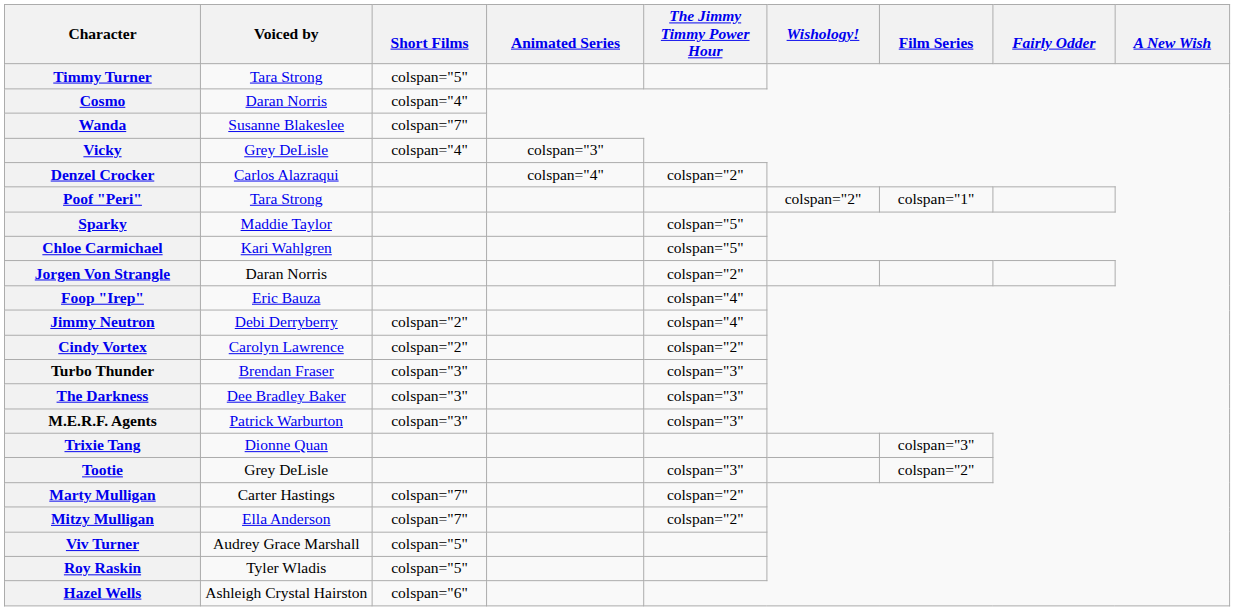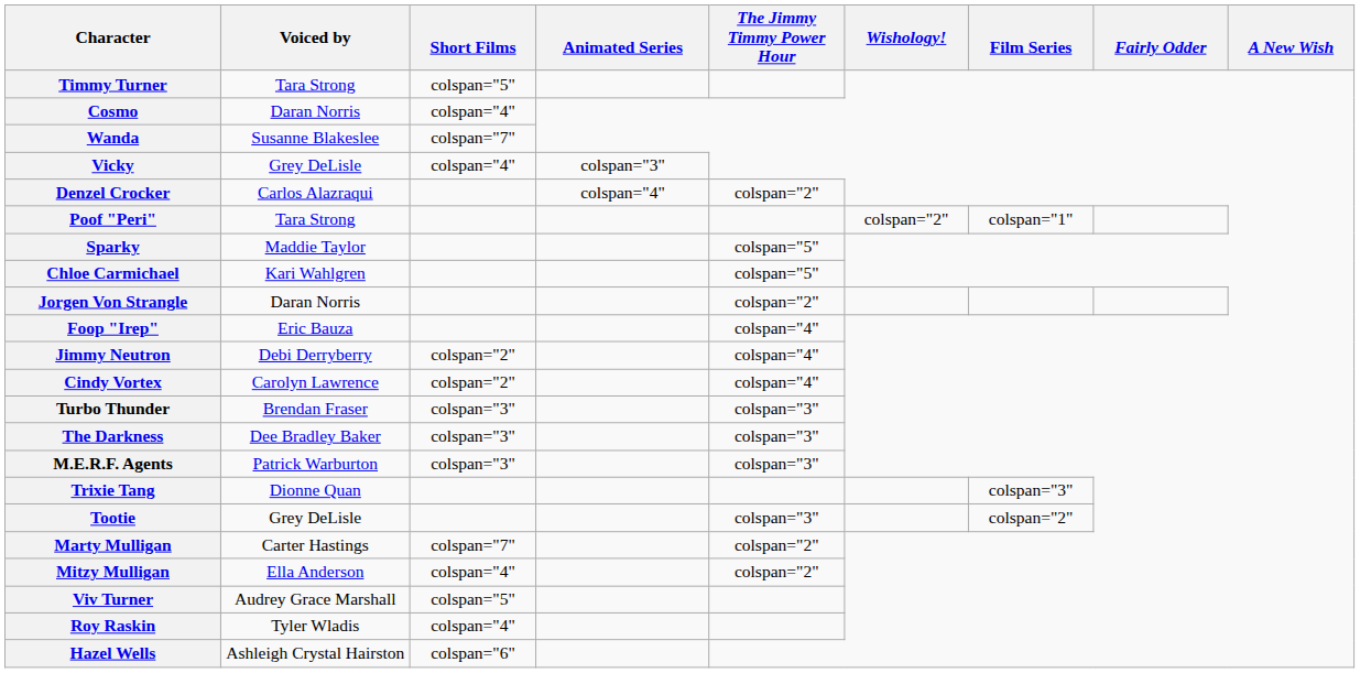 <table class="wikitable plainrowheaders" style="text-align:center; width:100%;">
 <tr>
 <th scope="col" style="width:16%;">Character</th>
 <th scope="col" style="width:14%;">Voiced by</th>
 <th scope="col"><a href='#'><br>Short Films</a></th>
 <th scope="col"><a href='#'><br>Animated Series</a></th>
 <th scope="col" style="width:10%;"><em><a href='#'>The Jimmy Timmy Power Hour</a></em></th>
 <th scope="col"><em><a href='#'>Wishology!</a></em></th>
 <th scope="col"><a href='#'><br>Film Series</a></th>
 <th scope="col" style="width:10%;"><a href='#'><em><br>Fairly Odder</em></a></th>
 <th scope="col"><a href='#'><em><br>A New Wish</em></a></th>
 </tr>
 <tr>
 <th><a href='#'>Timmy Turner</a></th>
 <td><a href='#'>Tara Strong</a></td>
 <td>colspan="5" </td>
 <td></td>
 <td></td>
 </tr>
 <tr>
 <th><a href='#'>Cosmo</a></th>
 <td><a href='#'>Daran Norris</a></td>
 <td>colspan="4" </td>
 </tr>
 <tr>
 <th><a href='#'>Wanda</a></th>
 <td><a href='#'>Susanne Blakeslee</a></td>
 <td>colspan="7" </td>
 </tr>
 <tr>
 <th><a href='#'>Vicky</a></th>
 <td><a href='#'>Grey DeLisle</a></td>
 <td>colspan="4" </td>
 <td>colspan="3" </td>
 </tr>
 <tr>
 <th><a href='#'>Denzel Crocker</a></th>
 <td><a href='#'>Carlos Alazraqui</a></td>
 <td></td>
 <td>colspan="4" </td>
 <td>colspan="2" </td>
 </tr>
 <tr>
 <th><a href='#'>Poof "Peri"</a></th>
 <td><a href='#'>Tara Strong</a></td>
 <td></td>
 <td></td>
 <td></td>
 <td>colspan="2" </td>
 <td>colspan="1" </td>
 <td></td>
 </tr>
 <tr>
 <th><a href='#'>Sparky</a></th>
 <td><a href='#'>Maddie Taylor</a></td>
 <td></td>
 <td></td>
 <td>colspan="5" </td>
 </tr>
 <tr>
 <th><a href='#'>Chloe Carmichael</a></th>
 <td><a href='#'>Kari Wahlgren</a></td>
 <td></td>
 <td></td>
 <td>colspan="5" </td>
 </tr>
 <tr>
 <th><a href='#'>Jorgen Von Strangle</a></th>
 <td>Daran Norris</td>
 <td></td>
 <td></td>
 <td>colspan="2" </td>
 <td></td>
 <td></td>
 <td></td>
 </tr>
 <tr>
 <th><a href='#'>Foop "Irep"</a></th>
 <td><a href='#'>Eric Bauza</a></td>
 <td></td>
 <td></td>
 <td>colspan="4" </td>
 </tr>
 <tr>
 <th><a href='#'>Jimmy Neutron</a></th>
 <td><a href='#'>Debi Derryberry</a></td>
 <td>colspan="2" </td>
 <td></td>
 <td>colspan="4" </td>
 </tr>
 <tr>
 <th><a href='#'>Cindy Vortex</a></th>
 <td><a href='#'>Carolyn Lawrence</a></td>
 <td>colspan="2" </td>
 <td></td>
-<td>colspan="2" </td>
+<td>colspan="4" </td>
 </tr>
 <tr>
 <th>Turbo Thunder</th>
 <td><a href='#'>Brendan Fraser</a></td>
 <td>colspan="3" </td>
 <td></td>
 <td>colspan="3" </td>
 </tr>
 <tr>
 <th><a href='#'>The Darkness</a></th>
 <td><a href='#'>Dee Bradley Baker</a></td>
 <td>colspan="3" </td>
 <td></td>
 <td>colspan="3" </td>
 </tr>
 <tr>
 <th>M.E.R.F. Agents</th>
 <td><a href='#'>Patrick Warburton</a></td>
 <td>colspan="3" </td>
 <td></td>
 <td>colspan="3" </td>
 </tr>
 <tr>
 <th><a href='#'>Trixie Tang</a></th>
 <td><a href='#'>Dionne Quan</a></td>
 <td></td>
 <td></td>
 <td></td>
 <td></td>
 <td>colspan="3" </td>
 </tr>
 <tr>
 <th><a href='#'>Tootie</a></th>
 <td>Grey DeLisle</td>
 <td></td>
 <td></td>
 <td>colspan="3" </td>
 <td></td>
 <td>colspan="2" </td>
 </tr>
 <tr>
 <th><a href='#'>Marty Mulligan</a></th>
 <td>Carter Hastings</td>
 <td>colspan="7" </td>
 <td></td>
 <td>colspan="2" </td>
 </tr>
 <tr>
 <th><a href='#'>Mitzy Mulligan</a></th>
 <td><a href='#'>Ella Anderson</a></td>
-<td>colspan="7" </td>
+<td>colspan="4" </td>
 <td></td>
 <td>colspan="2" </td>
 </tr>
 <tr>
 <th><a href='#'>Viv Turner</a></th>
 <td>Audrey Grace Marshall</td>
 <td>colspan="5" </td>
 <td></td>
 <td></td>
 </tr>
 <tr>
 <th><a href='#'>Roy Raskin</a></th>
 <td>Tyler Wladis</td>
-<td>colspan="5" </td>
+<td>colspan="4" </td>
 <td></td>
 <td></td>
 </tr>
 <tr>
 <th><a href='#'>Hazel Wells</a></th>
 <td>Ashleigh Crystal Hairston</td>
 <td>colspan="6" </td>
 <td></td>
 </tr>
 </table>
